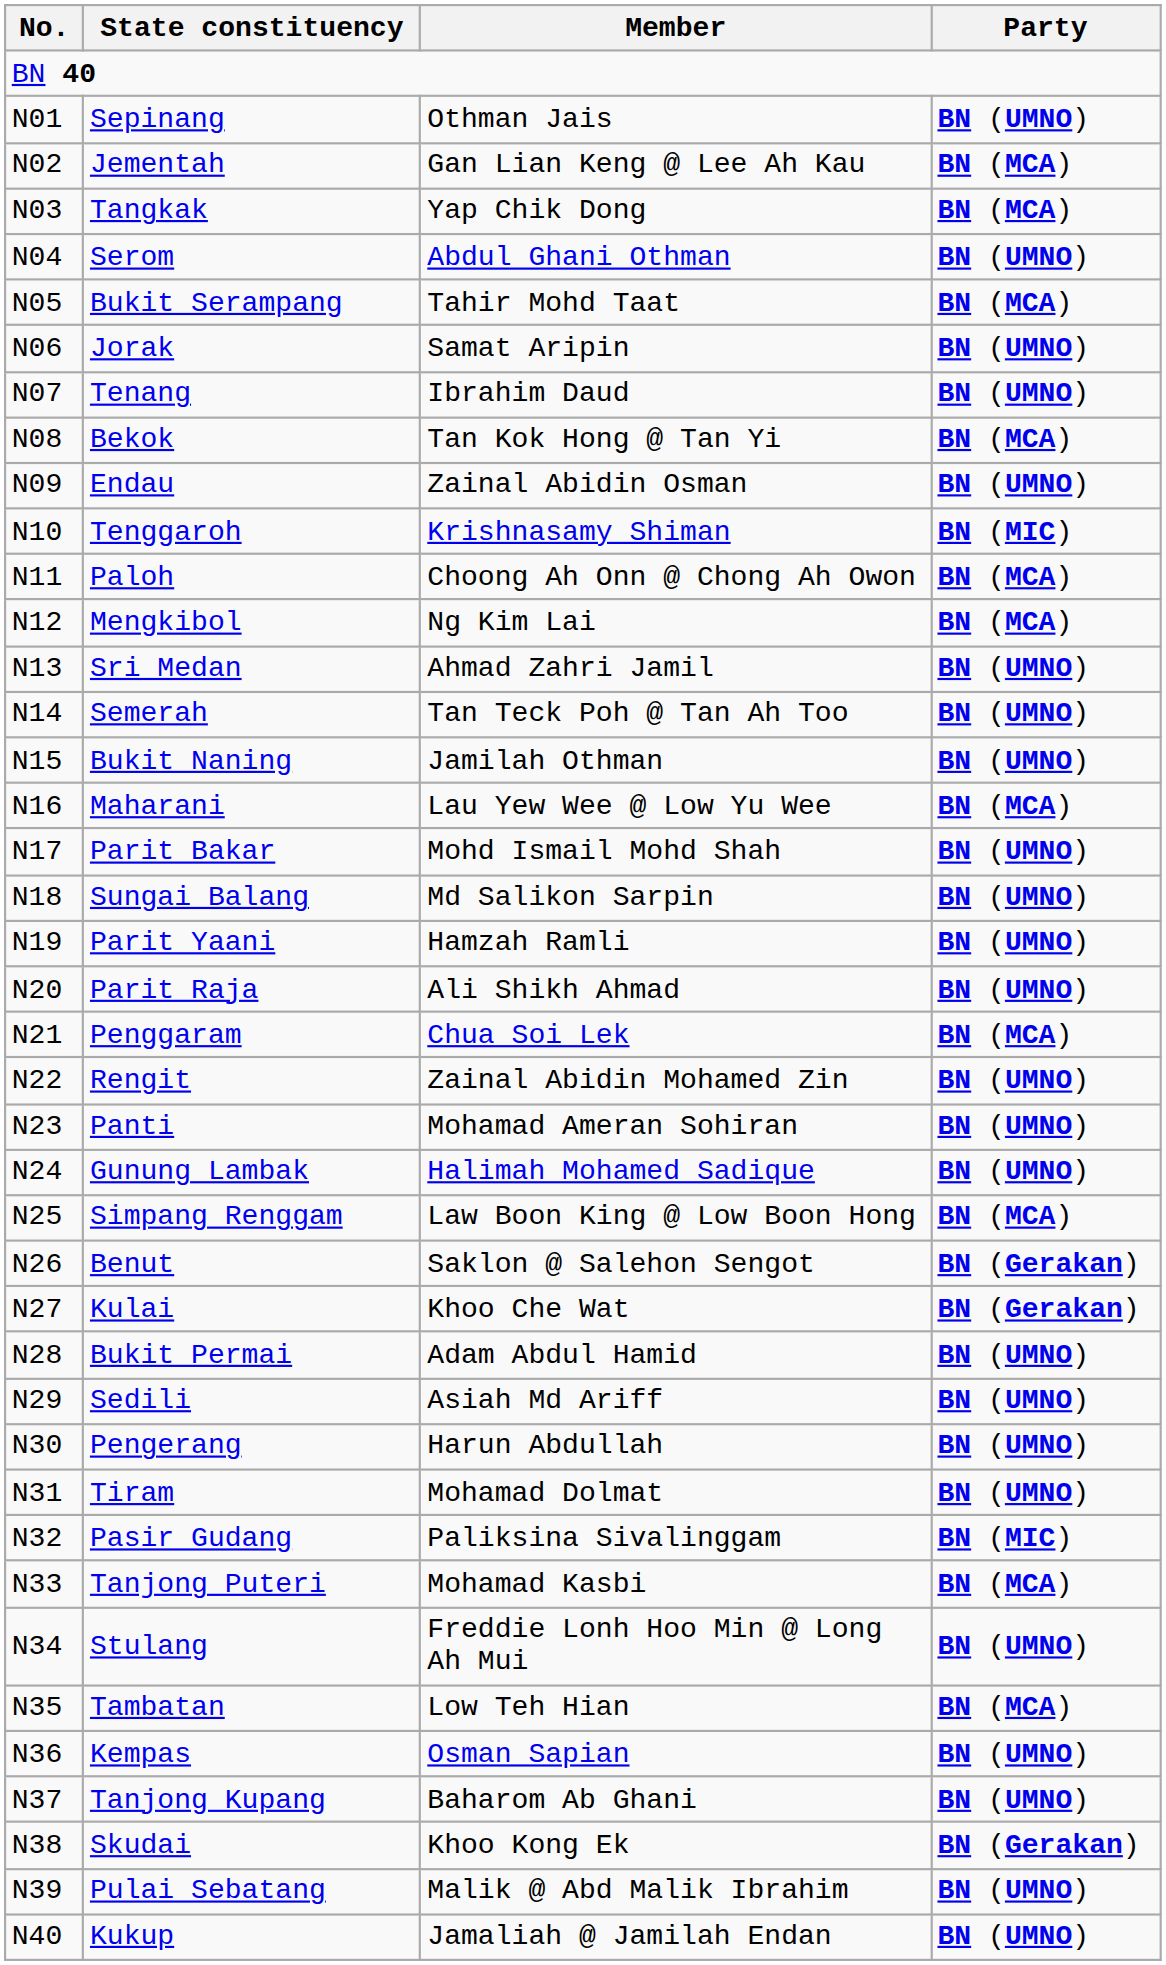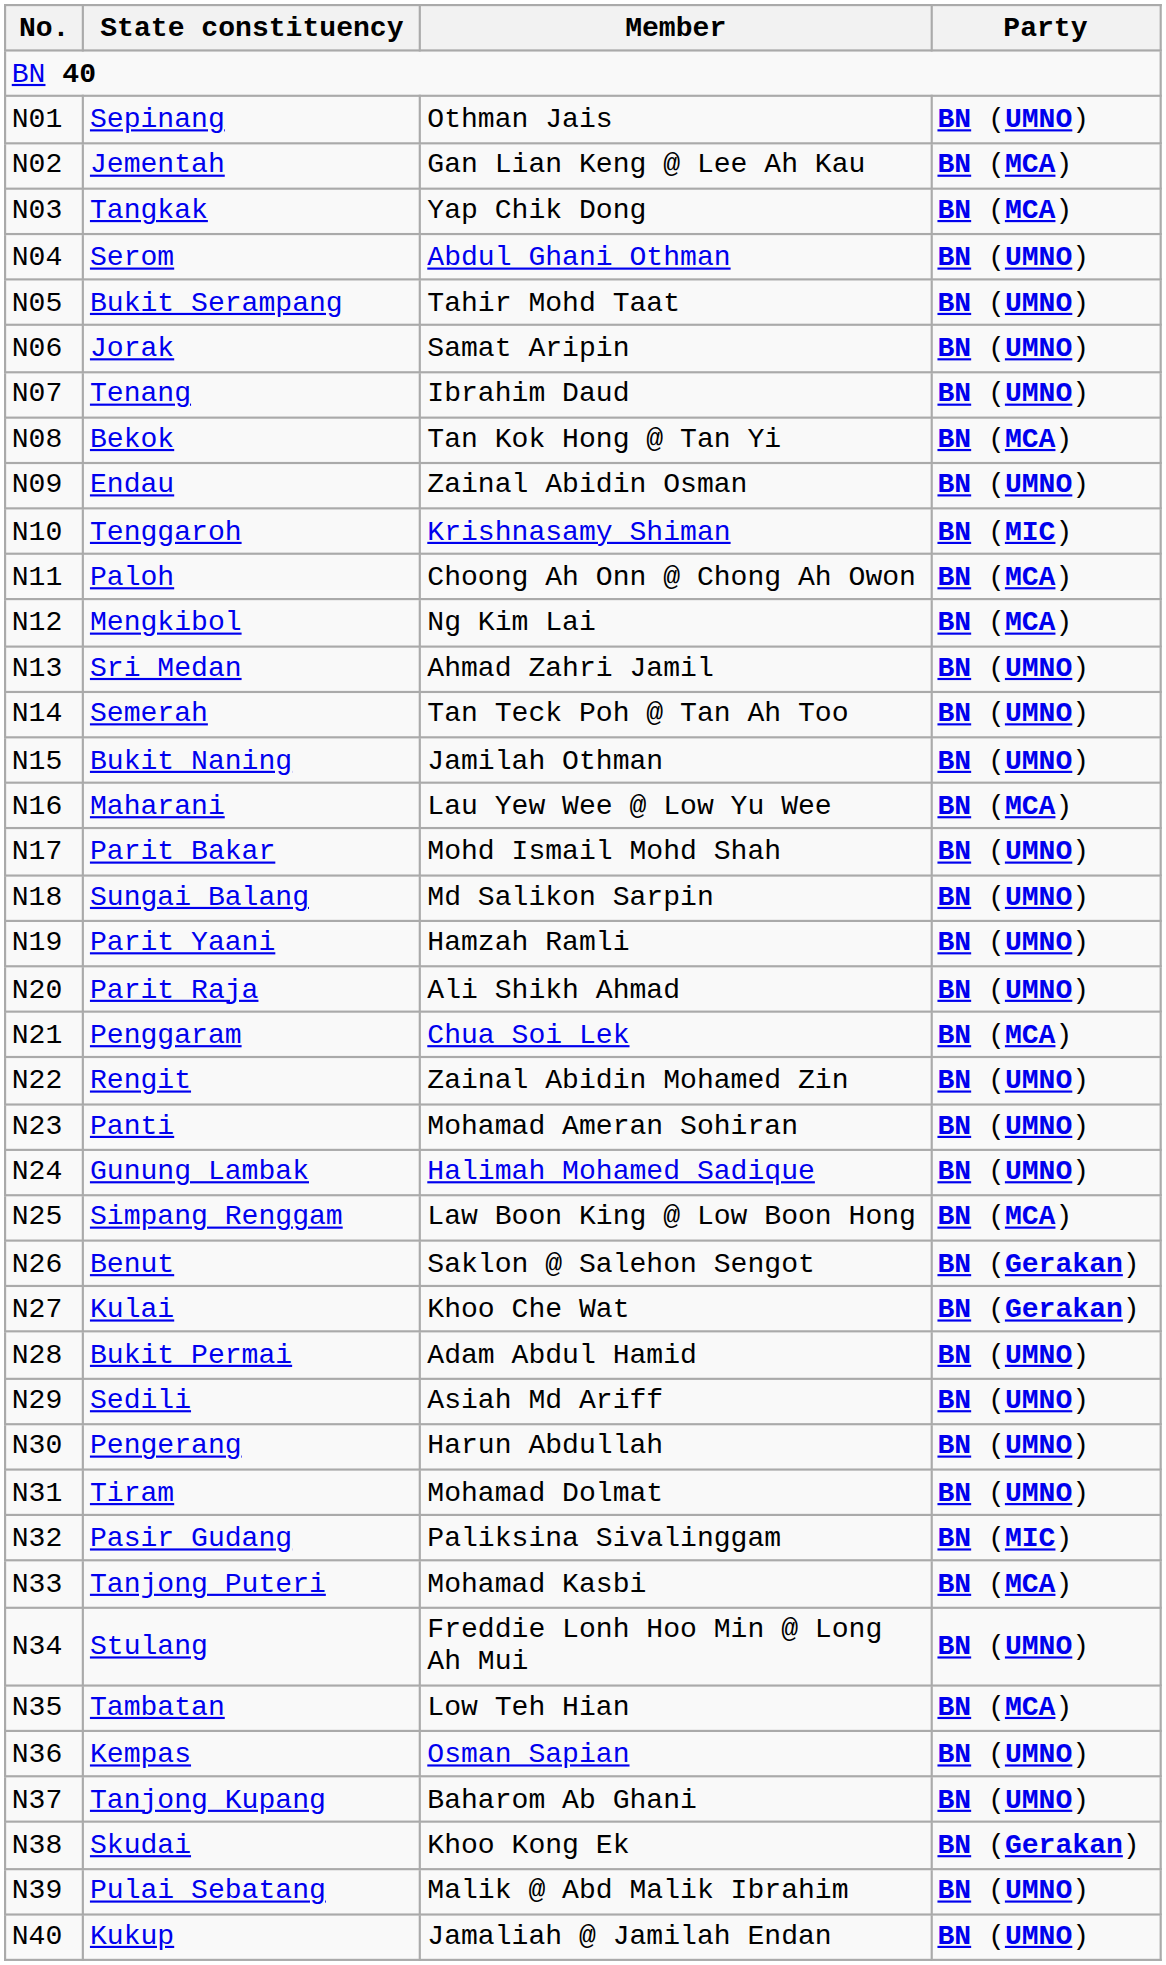 <table class="wikitable sortable">
 <tr>
 <th style="width:30px;">No.</th>
 <th style="width:150px;">State constituency</th>
 <th style="width:230px;">Member</th>
 <th style="width:100px;">Party</th>
 </tr>
 <tr>
 <td colspan="4"><a href='#'>BN</a> <strong>40</strong></td>
 </tr>
 <tr>
 <td>N01</td>
 <td><a href='#'>Sepinang</a></td>
 <td>Othman Jais</td>
 <td><strong><a href='#'>BN</a></strong> (<strong><a href='#'>UMNO</a></strong>)</td>
 </tr>
 <tr>
 <td>N02</td>
 <td><a href='#'>Jementah</a></td>
 <td>Gan Lian Keng @ Lee Ah Kau</td>
 <td><strong><a href='#'>BN</a></strong> (<strong><a href='#'>MCA</a></strong>)</td>
 </tr>
 <tr>
 <td>N03</td>
 <td><a href='#'>Tangkak</a></td>
 <td>Yap Chik Dong</td>
 <td><strong><a href='#'>BN</a></strong> (<strong><a href='#'>MCA</a></strong>)</td>
 </tr>
 <tr>
 <td>N04</td>
 <td><a href='#'>Serom</a></td>
 <td><a href='#'>Abdul Ghani Othman</a></td>
 <td><strong><a href='#'>BN</a></strong> (<strong><a href='#'>UMNO</a></strong>)</td>
 </tr>
 <tr>
 <td>N05</td>
 <td><a href='#'>Bukit Serampang</a></td>
 <td>Tahir Mohd Taat</td>
-<td><strong><a href='#'>BN</a></strong> (<strong><a href='#'>MCA</a></strong>)</td>
+<td><strong><a href='#'>BN</a></strong> (<strong><a href='#'>UMNO</a></strong>)</td>
 </tr>
 <tr>
 <td>N06</td>
 <td><a href='#'>Jorak</a></td>
 <td>Samat Aripin</td>
 <td><strong><a href='#'>BN</a></strong> (<strong><a href='#'>UMNO</a></strong>)</td>
 </tr>
 <tr>
 <td>N07</td>
 <td><a href='#'>Tenang</a></td>
 <td>Ibrahim Daud</td>
 <td><strong><a href='#'>BN</a></strong> (<strong><a href='#'>UMNO</a></strong>)</td>
 </tr>
 <tr>
 <td>N08</td>
 <td><a href='#'>Bekok</a></td>
 <td>Tan Kok Hong @ Tan Yi</td>
 <td><strong><a href='#'>BN</a></strong> (<strong><a href='#'>MCA</a></strong>)</td>
 </tr>
 <tr>
 <td>N09</td>
 <td><a href='#'>Endau</a></td>
 <td>Zainal Abidin Osman</td>
 <td><strong><a href='#'>BN</a></strong> (<strong><a href='#'>UMNO</a></strong>)</td>
 </tr>
 <tr>
 <td>N10</td>
 <td><a href='#'>Tenggaroh</a></td>
 <td><a href='#'>Krishnasamy Shiman</a></td>
 <td><strong><a href='#'>BN</a></strong> (<strong><a href='#'>MIC</a></strong>)</td>
 </tr>
 <tr>
 <td>N11</td>
 <td><a href='#'>Paloh</a></td>
 <td>Choong Ah Onn @ Chong Ah Owon</td>
 <td><strong><a href='#'>BN</a></strong> (<strong><a href='#'>MCA</a></strong>)</td>
 </tr>
 <tr>
 <td>N12</td>
 <td><a href='#'>Mengkibol</a></td>
 <td>Ng Kim Lai</td>
 <td><strong><a href='#'>BN</a></strong> (<strong><a href='#'>MCA</a></strong>)</td>
 </tr>
 <tr>
 <td>N13</td>
 <td><a href='#'>Sri Medan</a></td>
 <td>Ahmad Zahri Jamil</td>
 <td><strong><a href='#'>BN</a></strong> (<strong><a href='#'>UMNO</a></strong>)</td>
 </tr>
 <tr>
 <td>N14</td>
 <td><a href='#'>Semerah</a></td>
 <td>Tan Teck Poh @ Tan Ah Too</td>
 <td><strong><a href='#'>BN</a></strong> (<strong><a href='#'>UMNO</a></strong>)</td>
 </tr>
 <tr>
 <td>N15</td>
 <td><a href='#'>Bukit Naning</a></td>
 <td>Jamilah Othman</td>
 <td><strong><a href='#'>BN</a></strong> (<strong><a href='#'>UMNO</a></strong>)</td>
 </tr>
 <tr>
 <td>N16</td>
 <td><a href='#'>Maharani</a></td>
 <td>Lau Yew Wee @ Low Yu Wee</td>
 <td><strong><a href='#'>BN</a></strong> (<strong><a href='#'>MCA</a></strong>)</td>
 </tr>
 <tr>
 <td>N17</td>
 <td><a href='#'>Parit Bakar</a></td>
 <td>Mohd Ismail Mohd Shah</td>
 <td><strong><a href='#'>BN</a></strong> (<strong><a href='#'>UMNO</a></strong>)</td>
 </tr>
 <tr>
 <td>N18</td>
 <td><a href='#'>Sungai Balang</a></td>
 <td>Md Salikon Sarpin</td>
 <td><strong><a href='#'>BN</a></strong> (<strong><a href='#'>UMNO</a></strong>)</td>
 </tr>
 <tr>
 <td>N19</td>
 <td><a href='#'>Parit Yaani</a></td>
 <td>Hamzah Ramli</td>
 <td><strong><a href='#'>BN</a></strong> (<strong><a href='#'>UMNO</a></strong>)</td>
 </tr>
 <tr>
 <td>N20</td>
 <td><a href='#'>Parit Raja</a></td>
 <td>Ali Shikh Ahmad</td>
 <td><strong><a href='#'>BN</a></strong> (<strong><a href='#'>UMNO</a></strong>)</td>
 </tr>
 <tr>
 <td>N21</td>
 <td><a href='#'>Penggaram</a></td>
 <td><a href='#'>Chua Soi Lek</a></td>
 <td><strong><a href='#'>BN</a></strong> (<strong><a href='#'>MCA</a></strong>)</td>
 </tr>
 <tr>
 <td>N22</td>
 <td><a href='#'>Rengit</a></td>
 <td>Zainal Abidin Mohamed Zin</td>
 <td><strong><a href='#'>BN</a></strong> (<strong><a href='#'>UMNO</a></strong>)</td>
 </tr>
 <tr>
 <td>N23</td>
 <td><a href='#'>Panti</a></td>
 <td>Mohamad Ameran Sohiran</td>
 <td><strong><a href='#'>BN</a></strong> (<strong><a href='#'>UMNO</a></strong>)</td>
 </tr>
 <tr>
 <td>N24</td>
 <td><a href='#'>Gunung Lambak</a></td>
 <td><a href='#'>Halimah Mohamed Sadique</a></td>
 <td><strong><a href='#'>BN</a></strong> (<strong><a href='#'>UMNO</a></strong>)</td>
 </tr>
 <tr>
 <td>N25</td>
 <td><a href='#'>Simpang Renggam</a></td>
 <td>Law Boon King @ Low Boon Hong</td>
 <td><strong><a href='#'>BN</a></strong> (<strong><a href='#'>MCA</a></strong>)</td>
 </tr>
 <tr>
 <td>N26</td>
 <td><a href='#'>Benut</a></td>
 <td>Saklon @ Salehon Sengot</td>
 <td><strong><a href='#'>BN</a></strong> (<strong><a href='#'>Gerakan</a></strong>)</td>
 </tr>
 <tr>
 <td>N27</td>
 <td><a href='#'>Kulai</a></td>
 <td>Khoo Che Wat</td>
 <td><strong><a href='#'>BN</a></strong> (<strong><a href='#'>Gerakan</a></strong>)</td>
 </tr>
 <tr>
 <td>N28</td>
 <td><a href='#'>Bukit Permai</a></td>
 <td>Adam Abdul Hamid</td>
 <td><strong><a href='#'>BN</a></strong> (<strong><a href='#'>UMNO</a></strong>)</td>
 </tr>
 <tr>
 <td>N29</td>
 <td><a href='#'>Sedili</a></td>
 <td>Asiah Md Ariff</td>
 <td><strong><a href='#'>BN</a></strong> (<strong><a href='#'>UMNO</a></strong>)</td>
 </tr>
 <tr>
 <td>N30</td>
 <td><a href='#'>Pengerang</a></td>
 <td>Harun Abdullah</td>
 <td><strong><a href='#'>BN</a></strong> (<strong><a href='#'>UMNO</a></strong>)</td>
 </tr>
 <tr>
 <td>N31</td>
 <td><a href='#'>Tiram</a></td>
 <td>Mohamad Dolmat</td>
 <td><strong><a href='#'>BN</a></strong> (<strong><a href='#'>UMNO</a></strong>)</td>
 </tr>
 <tr>
 <td>N32</td>
 <td><a href='#'>Pasir Gudang</a></td>
 <td>Paliksina Sivalinggam</td>
 <td><strong><a href='#'>BN</a></strong> (<strong><a href='#'>MIC</a></strong>)</td>
 </tr>
 <tr>
 <td>N33</td>
 <td><a href='#'>Tanjong Puteri</a></td>
 <td>Mohamad Kasbi</td>
 <td><strong><a href='#'>BN</a></strong> (<strong><a href='#'>MCA</a></strong>)</td>
 </tr>
 <tr>
 <td>N34</td>
 <td><a href='#'>Stulang</a></td>
 <td>Freddie Lonh Hoo Min @ Long Ah Mui</td>
 <td><strong><a href='#'>BN</a></strong> (<strong><a href='#'>UMNO</a></strong>)</td>
 </tr>
 <tr>
 <td>N35</td>
 <td><a href='#'>Tambatan</a></td>
 <td>Low Teh Hian</td>
 <td><strong><a href='#'>BN</a></strong> (<strong><a href='#'>MCA</a></strong>)</td>
 </tr>
 <tr>
 <td>N36</td>
 <td><a href='#'>Kempas</a></td>
 <td><a href='#'>Osman Sapian</a></td>
 <td><strong><a href='#'>BN</a></strong> (<strong><a href='#'>UMNO</a></strong>)</td>
 </tr>
 <tr>
 <td>N37</td>
 <td><a href='#'>Tanjong Kupang</a></td>
 <td>Baharom Ab Ghani</td>
 <td><strong><a href='#'>BN</a></strong> (<strong><a href='#'>UMNO</a></strong>)</td>
 </tr>
 <tr>
 <td>N38</td>
 <td><a href='#'>Skudai</a></td>
 <td>Khoo Kong Ek</td>
 <td><strong><a href='#'>BN</a></strong> (<strong><a href='#'>Gerakan</a></strong>)</td>
 </tr>
 <tr>
 <td>N39</td>
 <td><a href='#'>Pulai Sebatang</a></td>
 <td>Malik @ Abd Malik Ibrahim</td>
 <td><strong><a href='#'>BN</a></strong> (<strong><a href='#'>UMNO</a></strong>)</td>
 </tr>
 <tr>
 <td>N40</td>
 <td><a href='#'>Kukup</a></td>
 <td>Jamaliah @ Jamilah Endan</td>
 <td><strong><a href='#'>BN</a></strong> (<strong><a href='#'>UMNO</a></strong>)</td>
 </tr>
 </table>
